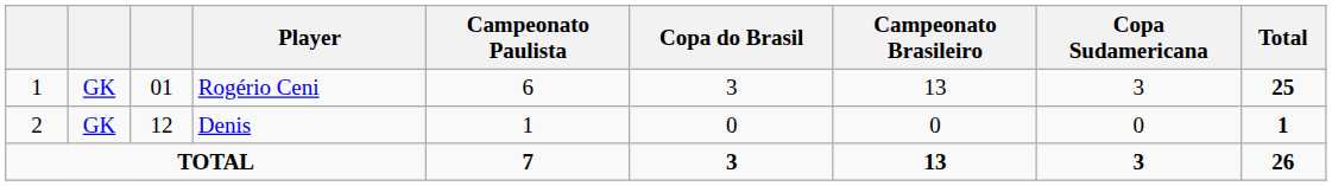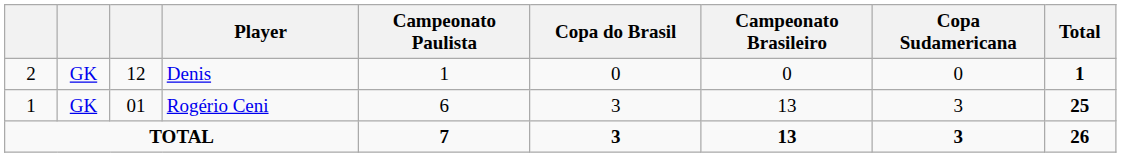 <table class="wikitable" style="font-size: 95%; text-align: center;">
 <tr>
 <th width=35></th>
 <th width=35></th>
 <th width=35></th>
 <th width=150>Player</th>
 <th width=130>Campeonato Paulista</th>
 <th width=130>Copa do Brasil</th>
 <th width=130>Campeonato Brasileiro</th>
 <th width=130>Copa Sudamericana</th>
 <th width=50><strong>Total</strong></th>
 </tr>
 <tr>
+<td>2</td>
+<td><a href='#'>GK</a></td>
+<td>12</td>
+<td align=left> <a href='#'>Denis</a></td>
+<td>1</td>
+<td>0</td>
+<td>0</td>
+<td>0</td>
+<td><strong>1</strong></td>
+</tr>
+<tr>
 <td>1</td>
 <td><a href='#'>GK</a></td>
 <td>01</td>
 <td align=left> <a href='#'>Rogério Ceni</a></td>
 <td>6</td>
 <td>3</td>
 <td>13</td>
 <td>3</td>
 <td><strong>25</strong></td>
 </tr>
 <tr>
-<td>2</td>
-<td><a href='#'>GK</a></td>
-<td>12</td>
-<td align=left> <a href='#'>Denis</a></td>
-<td>1</td>
-<td>0</td>
-<td>0</td>
-<td>0</td>
-<td><strong>1</strong></td>
-</tr>
-<tr>
 <td colspan=4><strong>TOTAL</strong></td>
 <td><strong>7</strong></td>
 <td><strong>3</strong></td>
 <td><strong>13</strong></td>
 <td><strong>3</strong></td>
 <td><strong>26</strong></td>
 </tr>
 </table>
